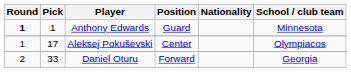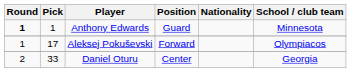 <table class="wikitable sortable sortable">
 <tr>
 <th>Round</th>
 <th>Pick</th>
 <th>Player</th>
 <th>Position</th>
 <th>Nationality</th>
 <th>School / club team</th>
 </tr>
 <tr style="text-align: center">
 <td><strong>1</strong></td>
 <td>1</td>
 <td><a href='#'>Anthony Edwards</a></td>
 <td><a href='#'>Guard</a></td>
 <td></td>
 <td><a href='#'>Minnesota</a></td>
 </tr>
 <tr>
 </tr>
 <tr style="text-align: center">
 <td>1</td>
 <td>17</td>
 <td><a href='#'>Aleksej Pokuševski</a></td>
-<td><a href='#'>Center</a></td>
+<td><a href='#'>Forward</a></td>
 <td></td>
 <td><a href='#'>Olympiacos</a></td>
 </tr>
 <tr>
 </tr>
 <tr style="text-align: center">
 <td>2</td>
 <td>33</td>
 <td><a href='#'>Daniel Oturu</a></td>
-<td><a href='#'>Forward</a></td>
+<td><a href='#'>Center</a></td>
 <td></td>
 <td><a href='#'>Georgia</a></td>
 </tr>
 </table>
